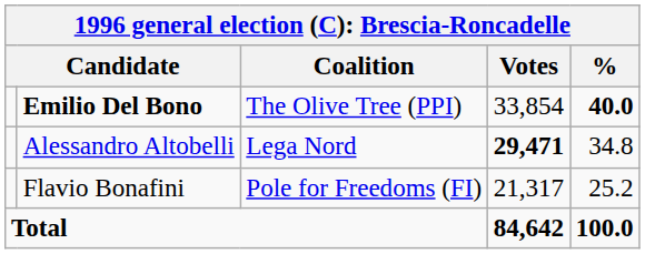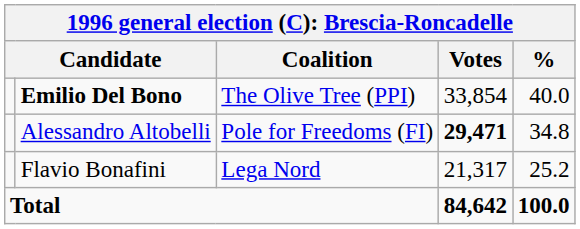 <table class=wikitable style=text-align:right>
 <tr>
 <th colspan=5><a href='#'>1996 general election</a> (<a href='#'>C</a>): <a href='#'>Brescia-Roncadelle</a></th>
 </tr>
 <tr>
 <th colspan=2>Candidate</th>
 <th>Coalition</th>
 <th>Votes</th>
 <th>%</th>
 </tr>
 <tr>
 <td></td>
 <td align=left><strong>Emilio Del Bono</strong></td>
 <td align=left><a href='#'>The Olive Tree</a> (<a href='#'>PPI</a>)</td>
 <td>33,854</td>
-<td><strong>40.0</strong></td>
+<td>40.0</td>
 </tr>
 <tr>
 <td></td>
 <td align=left><a href='#'>Alessandro Altobelli</a></td>
-<td align=left><a href='#'>Lega Nord</a></td>
+<td align=left><a href='#'>Pole for Freedoms</a> (<a href='#'>FI</a>)</td>
 <td><strong>29,471</strong></td>
 <td>34.8</td>
 </tr>
 <tr>
 <td></td>
 <td align=left>Flavio Bonafini</td>
-<td align=left><a href='#'>Pole for Freedoms</a> (<a href='#'>FI</a>)</td>
+<td align=left><a href='#'>Lega Nord</a></td>
 <td>21,317</td>
 <td>25.2</td>
 </tr>
 <tr>
 <td align=left colspan=3><strong>Total</strong></td>
 <td><strong>84,642</strong></td>
 <td><strong>100.0</strong></td>
 </tr>
 </table>
